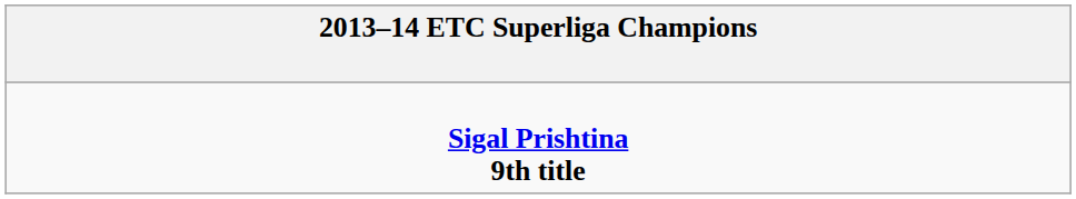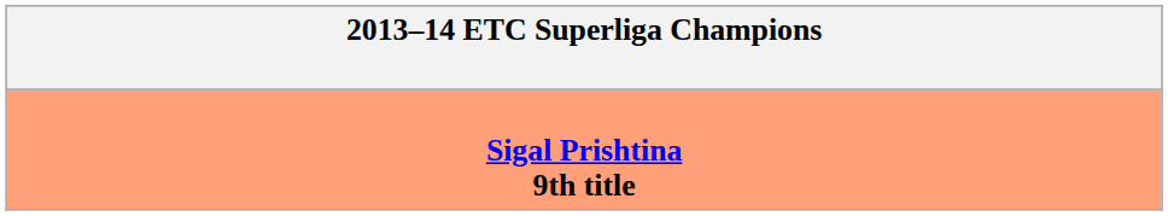 <table class="wikitable" style="margin: 0 auto; width: 30%;">
 <tr>
 <th>2013–14 ETC Superliga Champions<br><br></th>
 </tr>
 <tr>
-<td align=center><br><strong><a href='#'>Sigal Prishtina</a></strong><br><strong>9th title</strong></td>
+<td align=center style="background: lightsalmon;"><br><strong><a href='#'>Sigal Prishtina</a></strong><br><strong>9th title</strong></td>
 </tr>
 </table>
